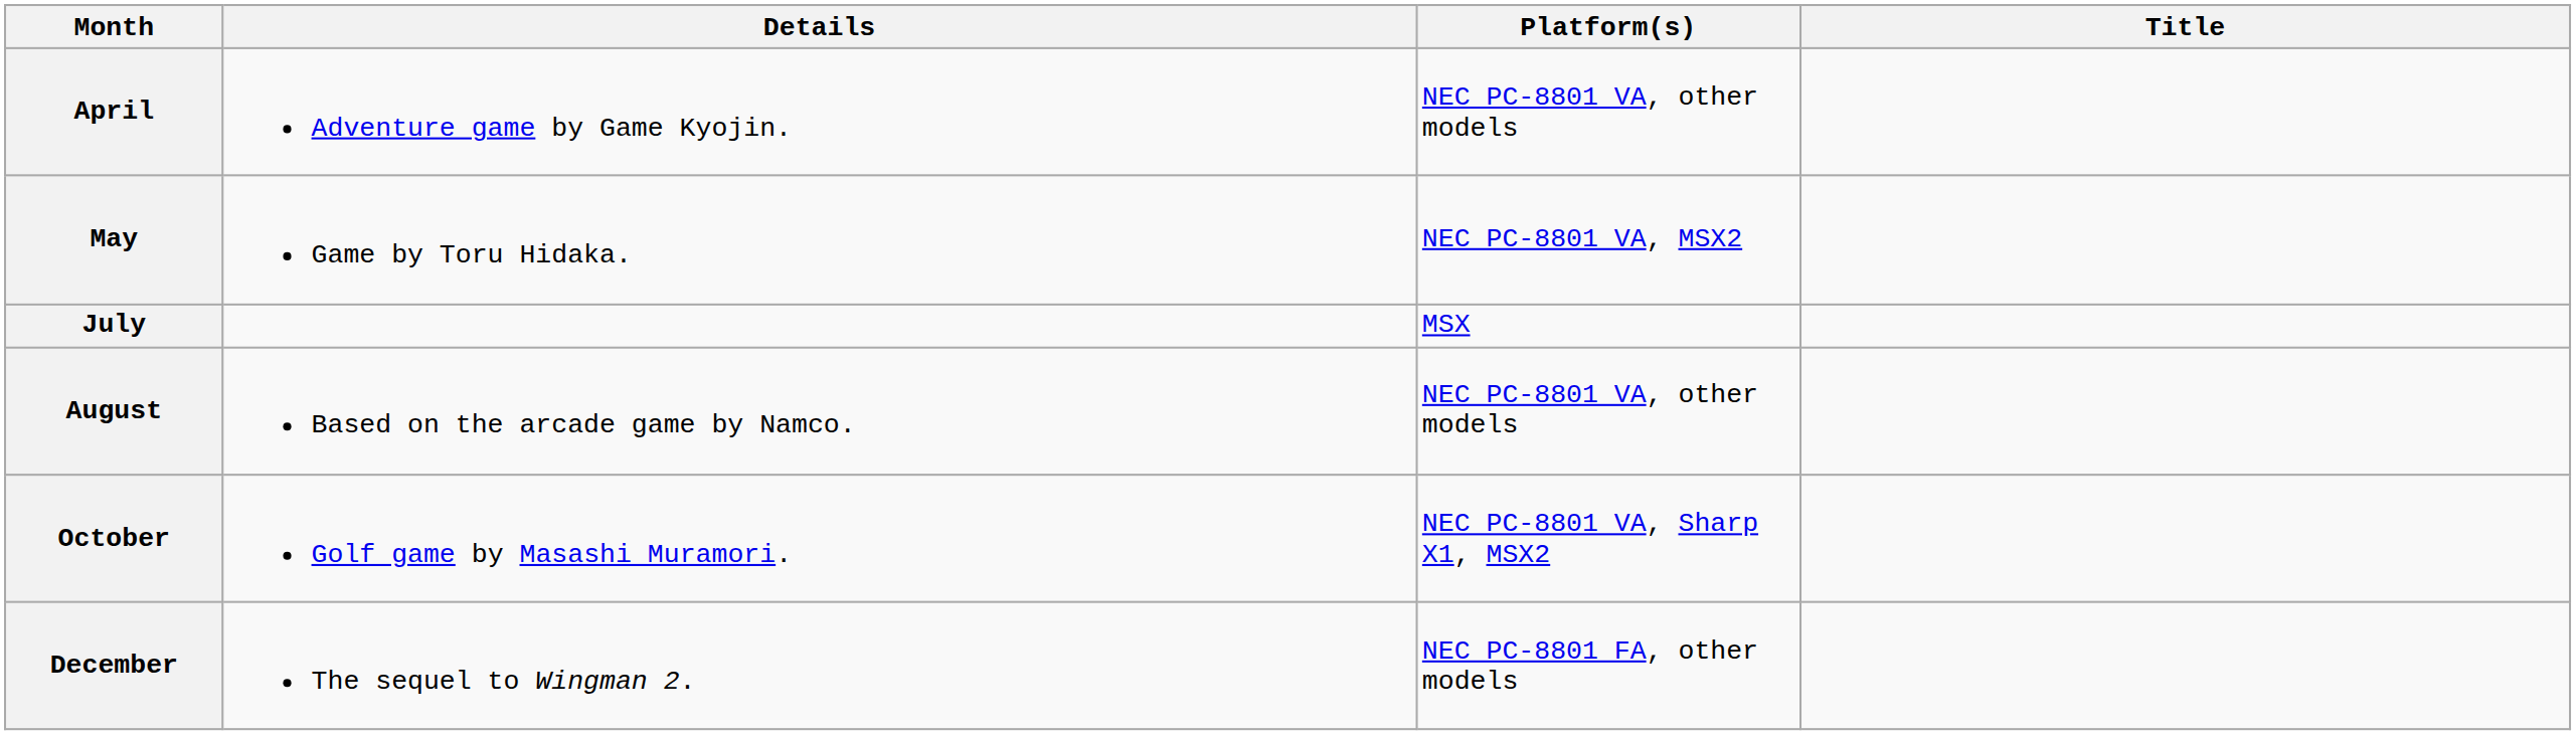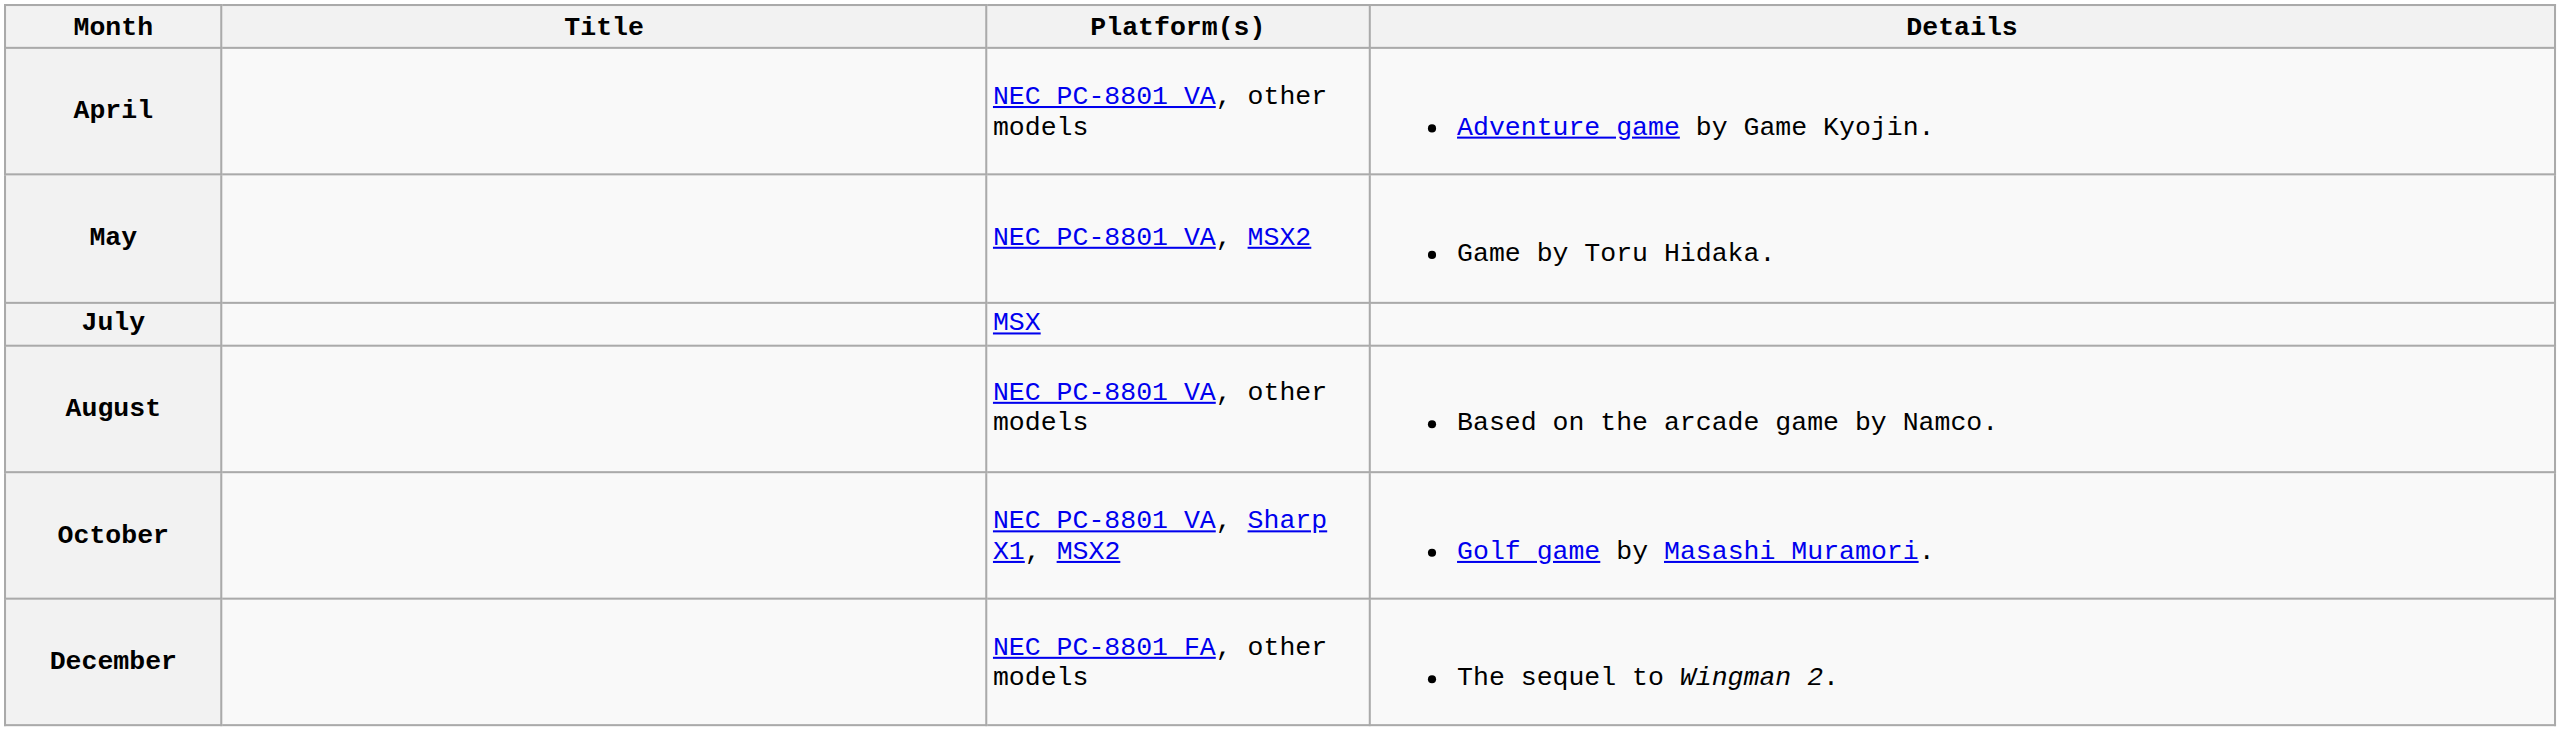 <table class="wikitable">
 <tr>
 <th scope="col" width="100px">Month</th>
+<th scope="col" width="30%">Title</th>
+<th scope="col" width="15%">Platform(s)</th>
 <th scope="col">Details</th>
-<th scope="col" width="15%">Platform(s)</th>
-<th scope="col" width="30%">Title</th>
 </tr>
 <tr>
 <th scope="row">April</th>
+<td></td>
+<td><a href='#'>NEC PC-8801 VA</a>, other models</td>
 <td><br><ul><li><a href='#'>Adventure game</a> by Game Kyojin.</li></ul></td>
-<td><a href='#'>NEC PC-8801 VA</a>, other models</td>
-<td></td>
 </tr>
 <tr>
 <th scope="row">May</th>
+<td></td>
+<td><a href='#'>NEC PC-8801 VA</a>, <a href='#'>MSX2</a></td>
 <td><br><ul><li>Game by Toru Hidaka.</li></ul></td>
-<td><a href='#'>NEC PC-8801 VA</a>, <a href='#'>MSX2</a></td>
-<td></td>
 </tr>
 <tr>
 <th scope="row">July</th>
 <td></td>
 <td><a href='#'>MSX</a></td>
 <td></td>
 </tr>
 <tr>
 <th scope="row">August</th>
+<td></td>
+<td><a href='#'>NEC PC-8801 VA</a>, other models</td>
 <td><br><ul><li>Based on the arcade game by Namco.</li></ul></td>
-<td><a href='#'>NEC PC-8801 VA</a>, other models</td>
-<td></td>
 </tr>
 <tr>
 <th scope="row">October</th>
+<td></td>
+<td><a href='#'>NEC PC-8801 VA</a>, <a href='#'>Sharp X1</a>, <a href='#'>MSX2</a></td>
 <td><br><ul><li><a href='#'>Golf game</a> by <a href='#'>Masashi Muramori</a>.</li></ul></td>
-<td><a href='#'>NEC PC-8801 VA</a>, <a href='#'>Sharp X1</a>, <a href='#'>MSX2</a></td>
-<td></td>
 </tr>
 <tr>
 <th scope="row">December</th>
+<td></td>
+<td><a href='#'>NEC PC-8801 FA</a>, other models</td>
 <td><br><ul><li>The sequel to <em>Wingman 2</em>.</li></ul></td>
-<td><a href='#'>NEC PC-8801 FA</a>, other models</td>
-<td></td>
 </tr>
 </table>
